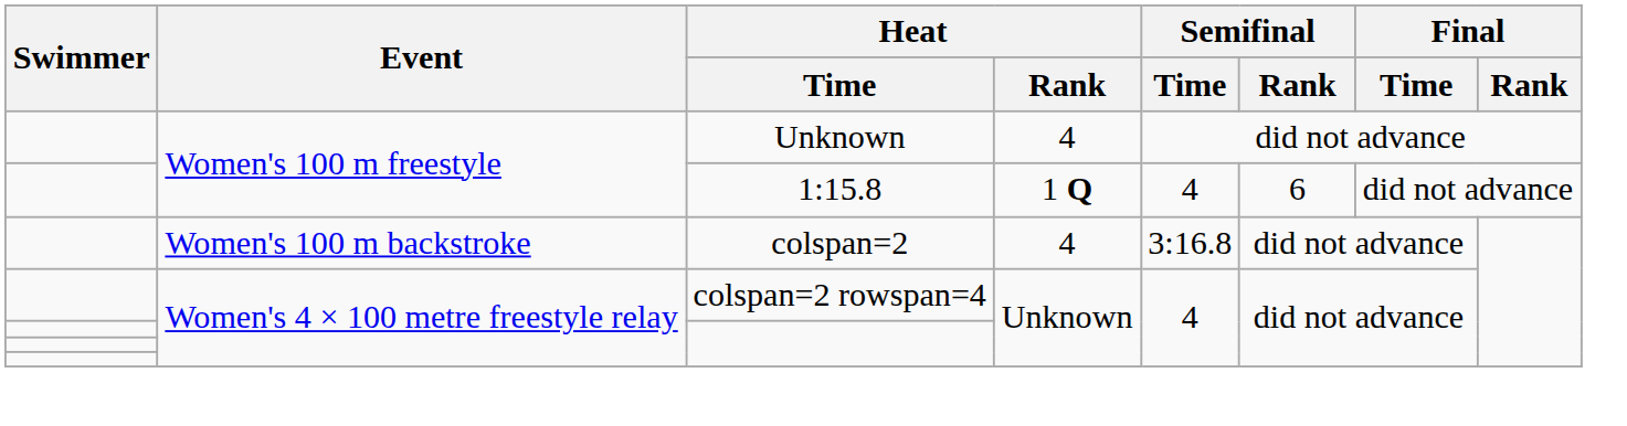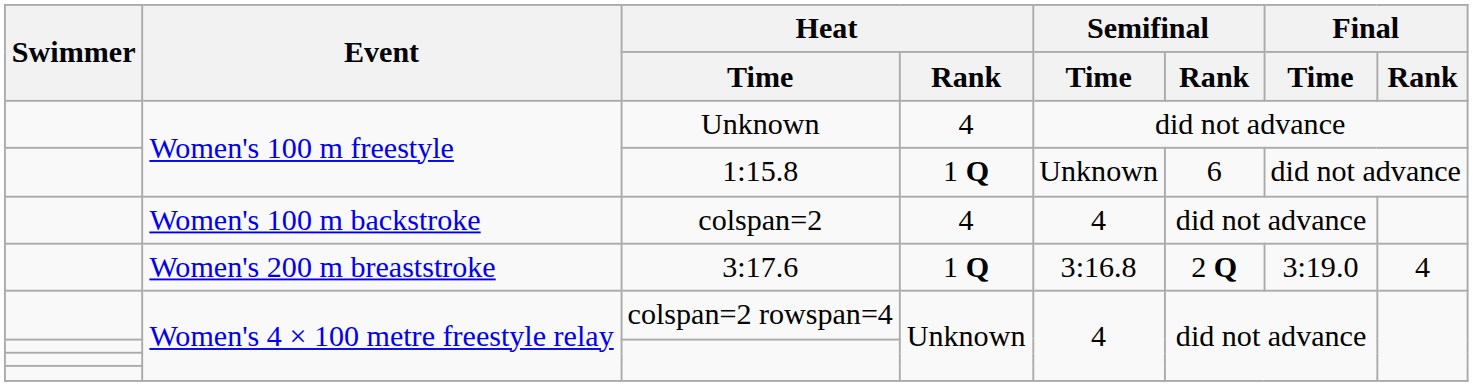 <table class="wikitable sortable" style=text-align:center>
 <tr>
 <th rowspan=2>Swimmer</th>
 <th rowspan=2>Event</th>
 <th colspan=2>Heat</th>
 <th colspan=2>Semifinal</th>
 <th colspan=2>Final</th>
 </tr>
 <tr>
 <th>Time</th>
 <th>Rank</th>
 <th>Time</th>
 <th>Rank</th>
 <th>Time</th>
 <th>Rank</th>
 </tr>
 <tr>
 <td align=left></td>
 <td align=left rowspan=2><a href='#'>Women's 100 m freestyle</a></td>
 <td>Unknown</td>
 <td>4</td>
 <td colspan=4>did not advance</td>
 </tr>
 <tr>
 <td align=left></td>
 <td>1:15.8</td>
 <td>1 <strong>Q</strong></td>
-<td>4</td>
+<td>Unknown</td>
 <td>6</td>
 <td colspan=2>did not advance</td>
 </tr>
 <tr>
 <td align=left></td>
 <td align=left><a href='#'>Women's 100 m backstroke</a></td>
 <td>colspan=2 </td>
 <td>4</td>
+<td>4</td>
+<td colspan=2>did not advance</td>
+</tr>
+<tr>
+<td align=left></td>
+<td align=left><a href='#'>Women's 200 m breaststroke</a></td>
+<td>3:17.6</td>
+<td>1 <strong>Q</strong></td>
 <td>3:16.8</td>
-<td colspan=2>did not advance</td>
+<td>2 <strong>Q</strong></td>
+<td>3:19.0</td>
+<td>4</td>
 </tr>
 <tr>
 <td align=left></td>
 <td align=left rowspan=4><a href='#'>Women's 4 × 100 metre freestyle relay</a></td>
 <td>colspan=2 rowspan=4 </td>
 <td rowspan=4>Unknown</td>
 <td rowspan=4>4</td>
 <td colspan=2 rowspan=4>did not advance</td>
 </tr>
 <tr>
 <td align=left></td>
 </tr>
 <tr>
 <td align=left></td>
 </tr>
 <tr>
 <td align=left></td>
 </tr>
 </table>
